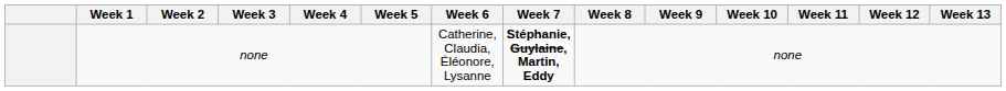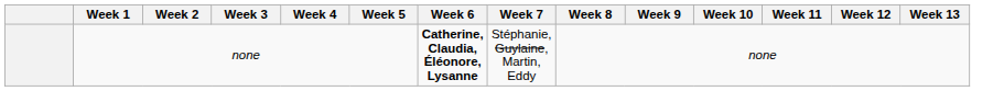 <table class="wikitable" style="text-align:center; font-size:85%; line-height:15px;">
 <tr>
 <th style="width:7%"></th>
 <th style="width:7%">Week 1</th>
 <th style="width:7%">Week 2</th>
 <th style="width:7%">Week 3</th>
 <th style="width:7%">Week 4</th>
 <th style="width:7%">Week 5</th>
 <th style="width:7%">Week 6</th>
 <th style="width:7%">Week 7</th>
 <th style="width:7%">Week 8</th>
 <th style="width:7%">Week 9</th>
 <th style="width:7%">Week 10</th>
 <th style="width:7%">Week 11</th>
 <th style="width:7%">Week 12</th>
 <th style="width:7%">Week 13</th>
 </tr>
 <tr>
 <th></th>
 <td colspan="5"><em>none</em></td>
-<td>Catherine,<br>Claudia,<br>Éléonore,<br>Lysanne</td>
-<td><strong>Stéphanie,<br><s>Guylaine</s>,<br>Martin,<br>Eddy</strong></td>
+<td><strong>Catherine,<br>Claudia,<br>Éléonore,<br>Lysanne</strong></td>
+<td>Stéphanie,<br><s>Guylaine</s>,<br>Martin,<br>Eddy</td>
 <td colspan="6"><em>none</em></td>
 </tr>
 </table>
